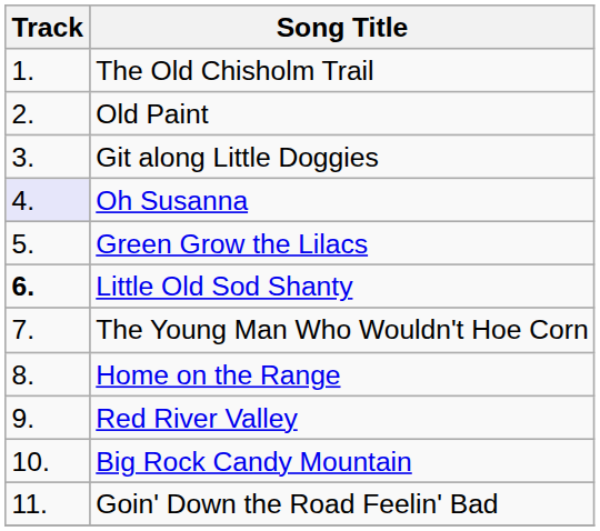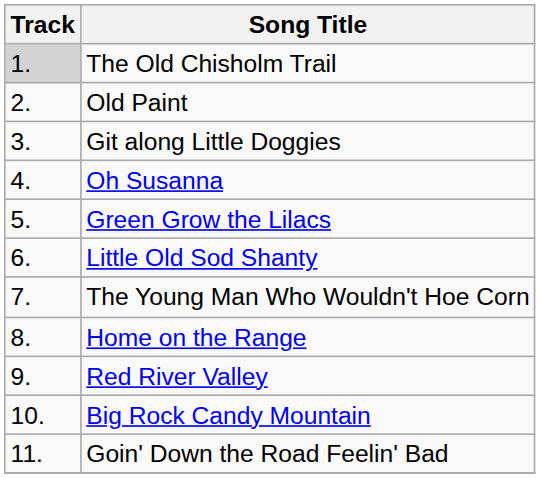 <table class="wikitable" style="font-size:95%;">
 <tr>
 <th>Track</th>
 <th>Song Title</th>
 </tr>
 <tr>
-<td>1.</td>
+<td style="background: lightgrey;">1.</td>
 <td>The Old Chisholm Trail</td>
 </tr>
 <tr>
 <td>2.</td>
 <td>Old Paint</td>
 </tr>
 <tr>
 <td>3.</td>
 <td>Git along Little Doggies</td>
 </tr>
 <tr>
-<td style="background: lavender;">4.</td>
+<td>4.</td>
 <td><a href='#'>Oh Susanna</a></td>
 </tr>
 <tr>
 <td>5.</td>
 <td><a href='#'>Green Grow the Lilacs</a></td>
 </tr>
 <tr>
-<td><strong>6.</strong></td>
+<td>6.</td>
 <td><a href='#'>Little Old Sod Shanty</a></td>
 </tr>
 <tr>
 <td>7.</td>
 <td>The Young Man Who Wouldn't Hoe Corn</td>
 </tr>
 <tr>
 <td>8.</td>
 <td><a href='#'>Home on the Range</a></td>
 </tr>
 <tr>
 <td>9.</td>
 <td><a href='#'>Red River Valley</a></td>
 </tr>
 <tr>
 <td>10.</td>
 <td><a href='#'>Big Rock Candy Mountain</a></td>
 </tr>
 <tr>
 <td>11.</td>
 <td>Goin' Down the Road Feelin' Bad</td>
 </tr>
 <tr>
 </tr>
 </table>
